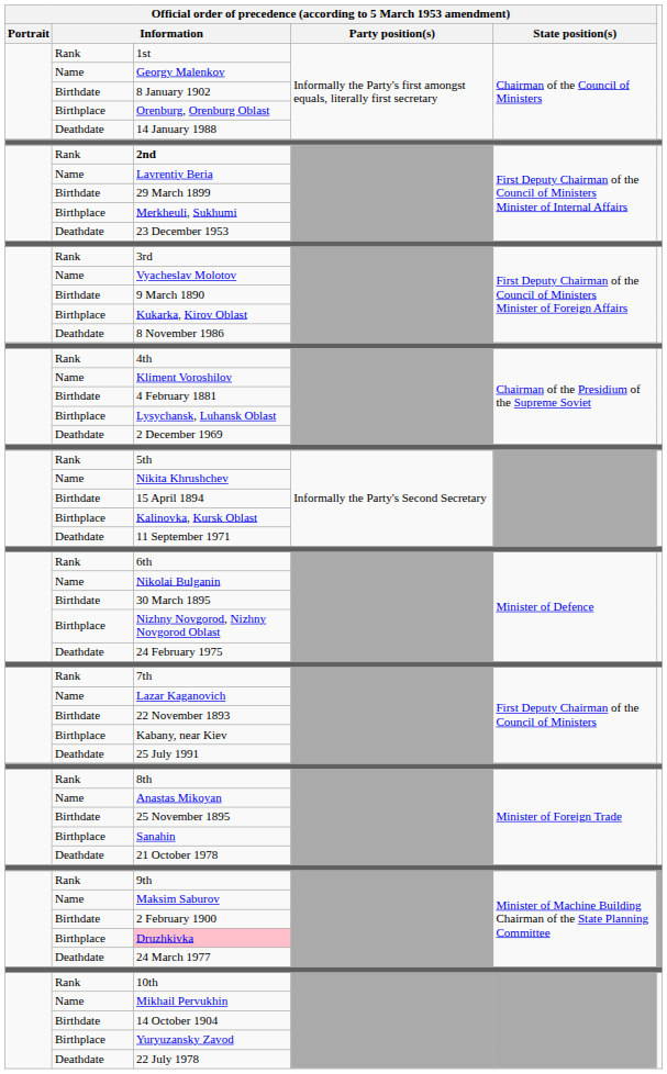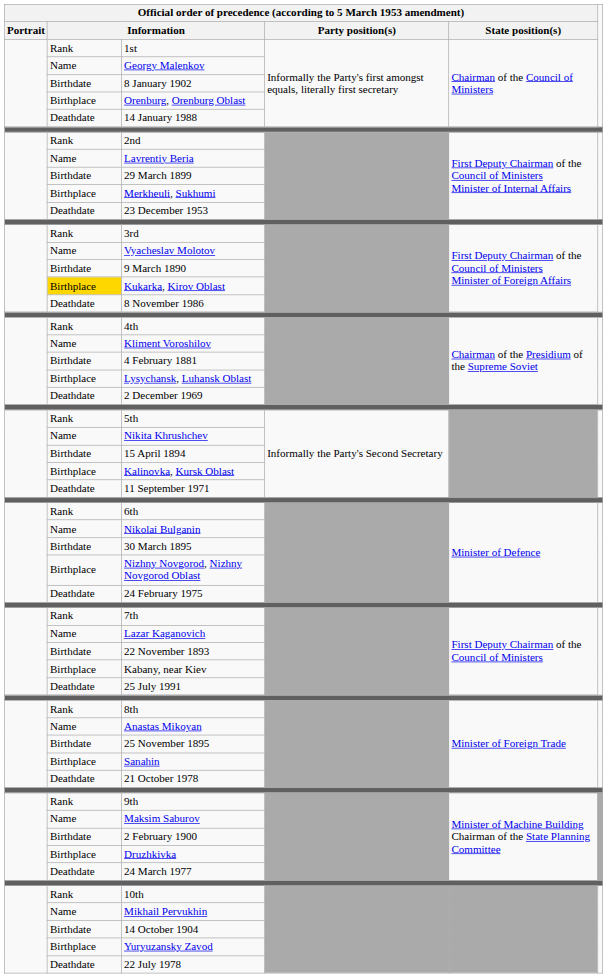 <table class="wikitable collapsible collapsed">
 <tr>
 <th colspan="5" align="center">Official order of precedence (according to 5 March 1953 amendment)</th>
 </tr>
 <tr>
 <th>Portrait</th>
 <th colspan=2>Information</th>
 <th>Party position(s)</th>
 <th>State position(s)</th>
 </tr>
 <tr>
 <td rowspan=5></td>
 <td width=100px>Rank</td>
 <td>1st</td>
 <td rowspan=5>Informally the Party's first amongst equals, literally first secretary</td>
 <td rowspan=5><a href='#'>Chairman</a> of the <a href='#'>Council of Ministers</a></td>
 </tr>
 <tr>
 <td>Name</td>
 <td width=200px><a href='#'>Georgy Malenkov</a></td>
 </tr>
 <tr>
 <td>Birthdate</td>
 <td>8 January 1902</td>
 </tr>
 <tr>
 <td>Birthplace</td>
 <td><a href='#'>Orenburg</a>, <a href='#'>Orenburg Oblast</a></td>
 </tr>
 <tr>
 <td>Deathdate</td>
 <td>14 January 1988</td>
 </tr>
 <tr>
 </tr>
 <tr style = "background:#606060; height: 2pt">
 <td colspan = "6"></td>
 </tr>
 <tr>
 <td rowspan=5></td>
 <td width=100px>Rank</td>
-<td><strong>2nd</strong></td>
+<td>2nd</td>
 <td rowspan=5 bgcolor=#aaaaaa></td>
 <td rowspan=5><a href='#'>First Deputy Chairman</a> of the <a href='#'>Council of Ministers</a><br><a href='#'>Minister of Internal Affairs</a></td>
 </tr>
 <tr>
 <td>Name</td>
 <td><a href='#'>Lavrentiy Beria</a></td>
 </tr>
 <tr>
 <td>Birthdate</td>
 <td>29 March 1899</td>
 </tr>
 <tr>
 <td>Birthplace</td>
 <td><a href='#'>Merkheuli</a>, <a href='#'>Sukhumi</a></td>
 </tr>
 <tr>
 <td>Deathdate</td>
 <td>23 December 1953</td>
 </tr>
 <tr>
 </tr>
 <tr style = "background:#606060; height: 2pt">
 <td colspan = "6"></td>
 </tr>
 <tr>
 <td rowspan=5></td>
 <td width=100px>Rank</td>
 <td>3rd</td>
 <td rowspan=5 bgcolor=#aaaaaa></td>
 <td rowspan=5><a href='#'>First Deputy Chairman</a> of the <a href='#'>Council of Ministers</a><br><a href='#'>Minister of Foreign Affairs</a></td>
 </tr>
 <tr>
 <td>Name</td>
 <td><a href='#'>Vyacheslav Molotov</a></td>
 </tr>
 <tr>
 <td>Birthdate</td>
 <td>9 March 1890</td>
 </tr>
 <tr>
-<td>Birthplace</td>
+<td style="background: gold;">Birthplace</td>
 <td><a href='#'>Kukarka</a>, <a href='#'>Kirov Oblast</a></td>
 </tr>
 <tr>
 <td>Deathdate</td>
 <td>8 November 1986</td>
 </tr>
 <tr>
 </tr>
 <tr style = "background:#606060; height: 2pt">
 <td colspan = "6"></td>
 </tr>
 <tr>
 <td rowspan=5></td>
 <td width=100px>Rank</td>
 <td>4th</td>
 <td rowspan=5 bgcolor=#aaaaaa></td>
 <td rowspan=5><a href='#'>Chairman</a> of the <a href='#'>Presidium</a> of the <a href='#'>Supreme Soviet</a></td>
 </tr>
 <tr>
 <td>Name</td>
 <td><a href='#'>Kliment Voroshilov</a></td>
 </tr>
 <tr>
 <td>Birthdate</td>
 <td>4 February 1881</td>
 </tr>
 <tr>
 <td>Birthplace</td>
 <td><a href='#'>Lysychansk</a>, <a href='#'>Luhansk Oblast</a></td>
 </tr>
 <tr>
 <td>Deathdate</td>
 <td>2 December 1969</td>
 </tr>
 <tr>
 </tr>
 <tr style = "background:#606060; height: 2pt">
 <td colspan = "6"></td>
 </tr>
 <tr>
 <td rowspan=5></td>
 <td width=100px>Rank</td>
 <td>5th</td>
 <td rowspan=5>Informally the Party's Second Secretary</td>
 <td rowspan=5 bgcolor=#aaaaaa></td>
 </tr>
 <tr>
 <td>Name</td>
 <td><a href='#'>Nikita Khrushchev</a></td>
 </tr>
 <tr>
 <td>Birthdate</td>
 <td>15 April 1894</td>
 </tr>
 <tr>
 <td>Birthplace</td>
 <td><a href='#'>Kalinovka</a>, <a href='#'>Kursk Oblast</a></td>
 </tr>
 <tr>
 <td>Deathdate</td>
 <td>11 September 1971</td>
 </tr>
 <tr>
 </tr>
 <tr style = "background:#606060; height: 2pt">
 <td colspan = "6"></td>
 </tr>
 <tr>
 <td rowspan=5></td>
 <td width=100px>Rank</td>
 <td>6th</td>
 <td rowspan=5 bgcolor=#aaaaaa></td>
 <td rowspan=5><a href='#'>Minister of Defence</a></td>
 </tr>
 <tr>
 <td>Name</td>
 <td><a href='#'>Nikolai Bulganin</a></td>
 </tr>
 <tr>
 <td>Birthdate</td>
 <td>30 March 1895</td>
 </tr>
 <tr>
 <td>Birthplace</td>
 <td><a href='#'>Nizhny Novgorod</a>, <a href='#'>Nizhny Novgorod Oblast</a></td>
 </tr>
 <tr>
 <td>Deathdate</td>
 <td>24 February 1975</td>
 </tr>
 <tr>
 </tr>
 <tr style = "background:#606060; height: 2pt">
 <td colspan = "6"></td>
 </tr>
 <tr>
 <td rowspan=5></td>
 <td width=100px>Rank</td>
 <td>7th</td>
 <td rowspan=5 bgcolor=#aaaaaa></td>
 <td rowspan=5><a href='#'>First Deputy Chairman</a> of the <a href='#'>Council of Ministers</a></td>
 </tr>
 <tr>
 <td>Name</td>
 <td><a href='#'>Lazar Kaganovich</a></td>
 </tr>
 <tr>
 <td>Birthdate</td>
 <td>22 November 1893</td>
 </tr>
 <tr>
 <td>Birthplace</td>
 <td>Kabany, near Kiev</td>
 </tr>
 <tr>
 <td>Deathdate</td>
 <td>25 July 1991</td>
 </tr>
 <tr>
 </tr>
 <tr style = "background:#606060; height: 2pt">
 <td colspan = "6"></td>
 </tr>
 <tr>
 <td rowspan=5></td>
 <td width=100px>Rank</td>
 <td>8th</td>
 <td rowspan=5 bgcolor=#aaaaaa></td>
 <td rowspan=5><a href='#'>Minister of Foreign Trade</a></td>
 </tr>
 <tr>
 <td>Name</td>
 <td><a href='#'>Anastas Mikoyan</a></td>
 </tr>
 <tr>
 <td>Birthdate</td>
 <td>25 November 1895</td>
 </tr>
 <tr>
 <td>Birthplace</td>
 <td><a href='#'>Sanahin</a></td>
 </tr>
 <tr>
 <td>Deathdate</td>
 <td>21 October 1978</td>
 </tr>
 <tr>
 </tr>
 <tr style = "background:#606060; height: 2pt">
 <td colspan = "6"></td>
 </tr>
 <tr>
 <td rowspan=5></td>
 <td width=100px>Rank</td>
 <td>9th</td>
 <td rowspan=5 bgcolor=#aaaaaa></td>
 <td rowspan=5><a href='#'>Minister of Machine Building</a><br>Chairman of the <a href='#'>State Planning Committee</a></td>
 <td rowspan=5 bgcolor=#aaaaaa></td>
 </tr>
 <tr>
 <td>Name</td>
 <td><a href='#'>Maksim Saburov</a></td>
 </tr>
 <tr>
 <td>Birthdate</td>
 <td>2 February 1900</td>
 </tr>
 <tr>
 <td>Birthplace</td>
-<td style="background: pink;"><a href='#'>Druzhkivka</a></td>
+<td><a href='#'>Druzhkivka</a></td>
 </tr>
 <tr>
 <td>Deathdate</td>
 <td>24 March 1977</td>
 </tr>
 <tr>
 </tr>
 <tr style = "background:#606060; height: 2pt">
 <td colspan = "6"></td>
 </tr>
 <tr>
 <td rowspan=5></td>
 <td width=100px>Rank</td>
 <td>10th</td>
 <td rowspan=5 bgcolor=#aaaaaa></td>
 <td rowspan=5 bgcolor=#aaaaaa></td>
 </tr>
 <tr>
 <td>Name</td>
 <td><a href='#'>Mikhail Pervukhin</a></td>
 </tr>
 <tr>
 <td>Birthdate</td>
 <td>14 October 1904</td>
 </tr>
 <tr>
 <td>Birthplace</td>
 <td><a href='#'>Yuryuzansky Zavod</a></td>
 </tr>
 <tr>
 <td>Deathdate</td>
 <td>22 July 1978</td>
 </tr>
 </table>
